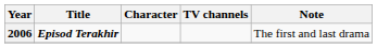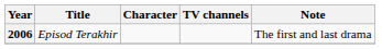 <table class="wikitable">
 <tr>
 <th>Year</th>
 <th>Title</th>
 <th>Character</th>
 <th>TV channels</th>
 <th>Note</th>
 </tr>
 <tr>
 <th>2006</th>
-<td><strong><em>Episod Terakhir</em></strong></td>
+<td><em>Episod Terakhir</em></td>
 <td></td>
 <td></td>
 <td>The first and last drama</td>
 </tr>
 <tr>
 </tr>
 </table>
